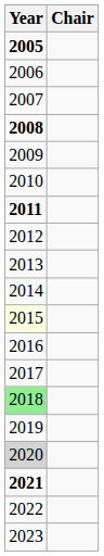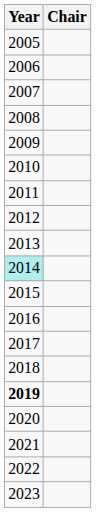 <table class="wikitable">
 <tr>
 <th>Year</th>
 <th>Chair</th>
 </tr>
 <tr>
-<td><strong>2005</strong></td>
+<td>2005</td>
 <td></td>
 </tr>
 <tr>
 <td>2006</td>
 <td></td>
 </tr>
 <tr>
 <td>2007</td>
 <td></td>
 </tr>
 <tr>
-<td><strong>2008</strong></td>
+<td>2008</td>
 <td></td>
 </tr>
 <tr>
 <td>2009</td>
 <td></td>
 </tr>
 <tr>
 <td>2010</td>
 <td></td>
 </tr>
 <tr>
-<td><strong>2011</strong></td>
+<td>2011</td>
 <td></td>
 </tr>
 <tr>
 <td>2012</td>
 <td></td>
 </tr>
 <tr>
 <td>2013</td>
 <td></td>
 </tr>
 <tr>
-<td>2014</td>
+<td style="background: paleturquoise;">2014</td>
 <td></td>
 </tr>
 <tr>
-<td style="background: lightyellow;">2015</td>
+<td>2015</td>
 <td></td>
 </tr>
 <tr>
 <td>2016</td>
 <td></td>
 </tr>
 <tr>
 <td>2017</td>
 <td></td>
 </tr>
 <tr>
-<td style="background: lightgreen;">2018</td>
+<td>2018</td>
 <td></td>
 </tr>
 <tr>
-<td>2019</td>
+<td><strong>2019</strong></td>
 <td></td>
 </tr>
 <tr>
-<td style="background: lightgrey;">2020</td>
+<td>2020</td>
 <td></td>
 </tr>
 <tr>
-<td><strong>2021</strong></td>
+<td>2021</td>
 <td></td>
 </tr>
 <tr>
 <td>2022</td>
 <td></td>
 </tr>
 <tr>
 <td>2023</td>
 <td></td>
 </tr>
 </table>
